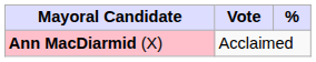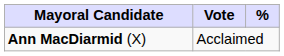 <table class="wikitable">
 <tr>
 <th style="background:#ddf; width:200px;">Mayoral Candidate</th>
 <th style="background:#ddf; width:50px;">Vote</th>
 <th style="background:#ddf; width:30px;">%</th>
 </tr>
 <tr>
-<td style="background: pink;"><strong>Ann MacDiarmid</strong> (X)</td>
+<td><strong>Ann MacDiarmid</strong> (X)</td>
 <td colspan="2">Acclaimed</td>
 </tr>
 </table>
